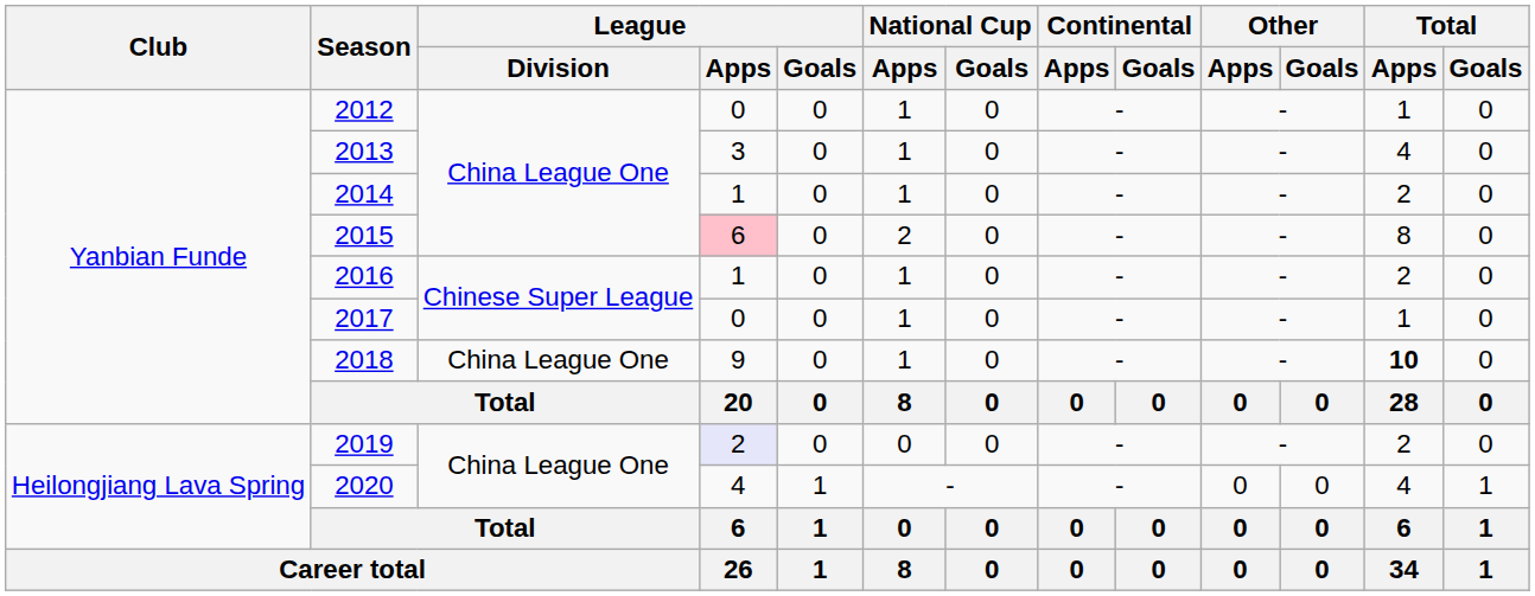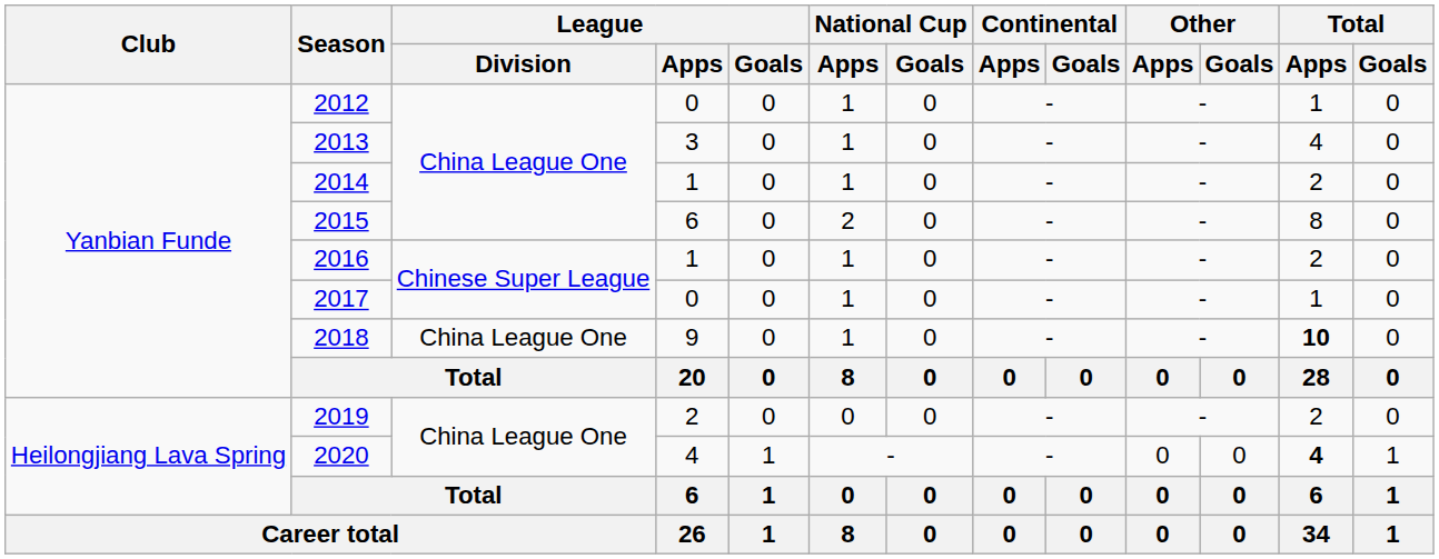 <table class="wikitable" style="text-align: center">
 <tr>
 <th rowspan="2">Club</th>
 <th rowspan="2">Season</th>
 <th colspan="3">League</th>
 <th colspan="2">National Cup</th>
 <th colspan="2">Continental</th>
 <th colspan="2">Other</th>
 <th colspan="2">Total</th>
 </tr>
 <tr>
 <th>Division</th>
 <th>Apps</th>
 <th>Goals</th>
 <th>Apps</th>
 <th>Goals</th>
 <th>Apps</th>
 <th>Goals</th>
 <th>Apps</th>
 <th>Goals</th>
 <th>Apps</th>
 <th>Goals</th>
 </tr>
 <tr>
 <td rowspan=8><a href='#'>Yanbian Funde</a></td>
 <td><a href='#'>2012</a></td>
 <td rowspan="4"><a href='#'>China League One</a></td>
 <td>0</td>
 <td>0</td>
 <td>1</td>
 <td>0</td>
 <td colspan="2">-</td>
 <td colspan="2">-</td>
 <td>1</td>
 <td>0</td>
 </tr>
 <tr>
 <td><a href='#'>2013</a></td>
 <td>3</td>
 <td>0</td>
 <td>1</td>
 <td>0</td>
 <td colspan="2">-</td>
 <td colspan="2">-</td>
 <td>4</td>
 <td>0</td>
 </tr>
 <tr>
 <td><a href='#'>2014</a></td>
 <td>1</td>
 <td>0</td>
 <td>1</td>
 <td>0</td>
 <td colspan="2">-</td>
 <td colspan="2">-</td>
 <td>2</td>
 <td>0</td>
 </tr>
 <tr>
 <td><a href='#'>2015</a></td>
-<td style="background: pink;">6</td>
+<td>6</td>
 <td>0</td>
 <td>2</td>
 <td>0</td>
 <td colspan="2">-</td>
 <td colspan="2">-</td>
 <td>8</td>
 <td>0</td>
 </tr>
 <tr>
 <td><a href='#'>2016</a></td>
 <td rowspan="2"><a href='#'>Chinese Super League</a></td>
 <td>1</td>
 <td>0</td>
 <td>1</td>
 <td>0</td>
 <td colspan="2">-</td>
 <td colspan="2">-</td>
 <td>2</td>
 <td>0</td>
 </tr>
 <tr>
 <td><a href='#'>2017</a></td>
 <td>0</td>
 <td>0</td>
 <td>1</td>
 <td>0</td>
 <td colspan="2">-</td>
 <td colspan="2">-</td>
 <td>1</td>
 <td>0</td>
 </tr>
 <tr>
 <td><a href='#'>2018</a></td>
 <td>China League One</td>
 <td>9</td>
 <td>0</td>
 <td>1</td>
 <td>0</td>
 <td colspan="2">-</td>
 <td colspan="2">-</td>
 <td><strong>10</strong></td>
 <td>0</td>
 </tr>
 <tr>
 <th colspan=2>Total</th>
 <th>20</th>
 <th>0</th>
 <th>8</th>
 <th>0</th>
 <th>0</th>
 <th>0</th>
 <th>0</th>
 <th>0</th>
 <th>28</th>
 <th>0</th>
 </tr>
 <tr>
 <td rowspan=3><a href='#'>Heilongjiang Lava Spring</a></td>
 <td><a href='#'>2019</a></td>
 <td rowspan=2>China League One</td>
-<td style="background: lavender;">2</td>
+<td>2</td>
 <td>0</td>
 <td>0</td>
 <td>0</td>
 <td colspan="2">-</td>
 <td colspan="2">-</td>
 <td>2</td>
 <td>0</td>
 </tr>
 <tr>
 <td><a href='#'>2020</a></td>
 <td>4</td>
 <td>1</td>
 <td colspan="2">-</td>
 <td colspan="2">-</td>
 <td>0</td>
 <td>0</td>
-<td>4</td>
+<td><strong>4</strong></td>
 <td>1</td>
 </tr>
 <tr>
 <th colspan=2>Total</th>
 <th>6</th>
 <th>1</th>
 <th>0</th>
 <th>0</th>
 <th>0</th>
 <th>0</th>
 <th>0</th>
 <th>0</th>
 <th>6</th>
 <th>1</th>
 </tr>
 <tr>
 <th colspan=3>Career total</th>
 <th>26</th>
 <th>1</th>
 <th>8</th>
 <th>0</th>
 <th>0</th>
 <th>0</th>
 <th>0</th>
 <th>0</th>
 <th>34</th>
 <th>1</th>
 </tr>
 </table>
